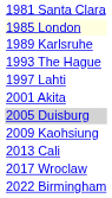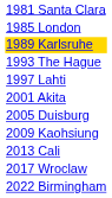 <table>
 <tr>
 <td><a href='#'>1981 Santa Clara</a></td>
 <td></td>
 <td></td>
 <td></td>
 </tr>
 <tr>
-<td style="background: lightyellow;"><a href='#'>1985 London</a></td>
+<td><a href='#'>1985 London</a></td>
 <td></td>
 <td></td>
 <td></td>
 </tr>
 <tr>
-<td><a href='#'>1989 Karlsruhe</a></td>
+<td style="background: gold;"><a href='#'>1989 Karlsruhe</a></td>
 <td></td>
 <td></td>
 <td></td>
 </tr>
 <tr>
 <td><a href='#'>1993 The Hague</a></td>
 <td></td>
 <td></td>
 <td></td>
 </tr>
 <tr>
 <td><a href='#'>1997 Lahti</a></td>
 <td></td>
 <td></td>
 <td></td>
 </tr>
 <tr>
 <td><a href='#'>2001 Akita</a></td>
 <td></td>
 <td></td>
 <td></td>
 </tr>
 <tr>
-<td style="background: lightgrey;"><a href='#'>2005 Duisburg</a></td>
+<td><a href='#'>2005 Duisburg</a></td>
 <td></td>
 <td></td>
 <td></td>
 </tr>
 <tr>
 <td><a href='#'>2009 Kaohsiung</a></td>
 <td></td>
 <td></td>
 <td></td>
 </tr>
 <tr>
 <td><a href='#'>2013 Cali</a></td>
 <td></td>
 <td></td>
 <td></td>
 </tr>
 <tr>
 <td><a href='#'>2017 Wroclaw</a></td>
 <td></td>
 <td></td>
 <td></td>
 </tr>
 <tr>
 <td><a href='#'>2022 Birmingham</a></td>
 <td></td>
 <td></td>
 <td></td>
 </tr>
 </table>
